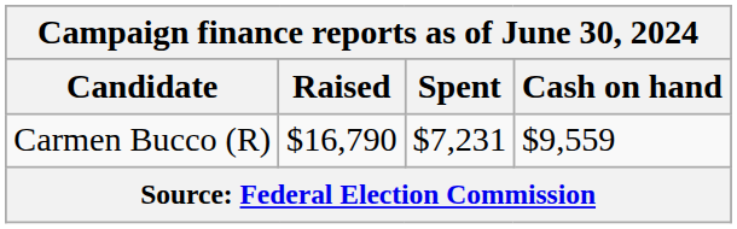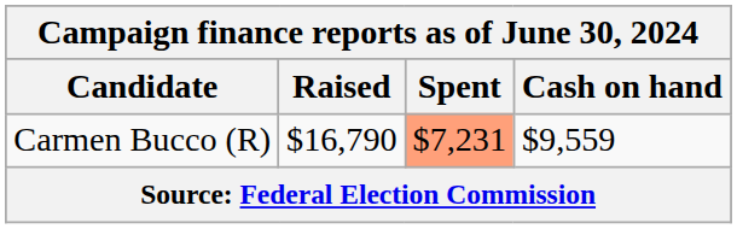 <table class="wikitable sortable">
 <tr>
 <th colspan=4>Campaign finance reports as of June 30, 2024</th>
 </tr>
 <tr style="text-align:center;">
 <th>Candidate</th>
 <th>Raised</th>
 <th>Spent</th>
 <th>Cash on hand</th>
 </tr>
 <tr>
 <td>Carmen Bucco (R)</td>
 <td>$16,790</td>
-<td>$7,231</td>
+<td style="background: lightsalmon;">$7,231</td>
 <td>$9,559</td>
 </tr>
 <tr>
 <th colspan="4"><small>Source: <a href='#'>Federal Election Commission</a></small></th>
 </tr>
 </table>
